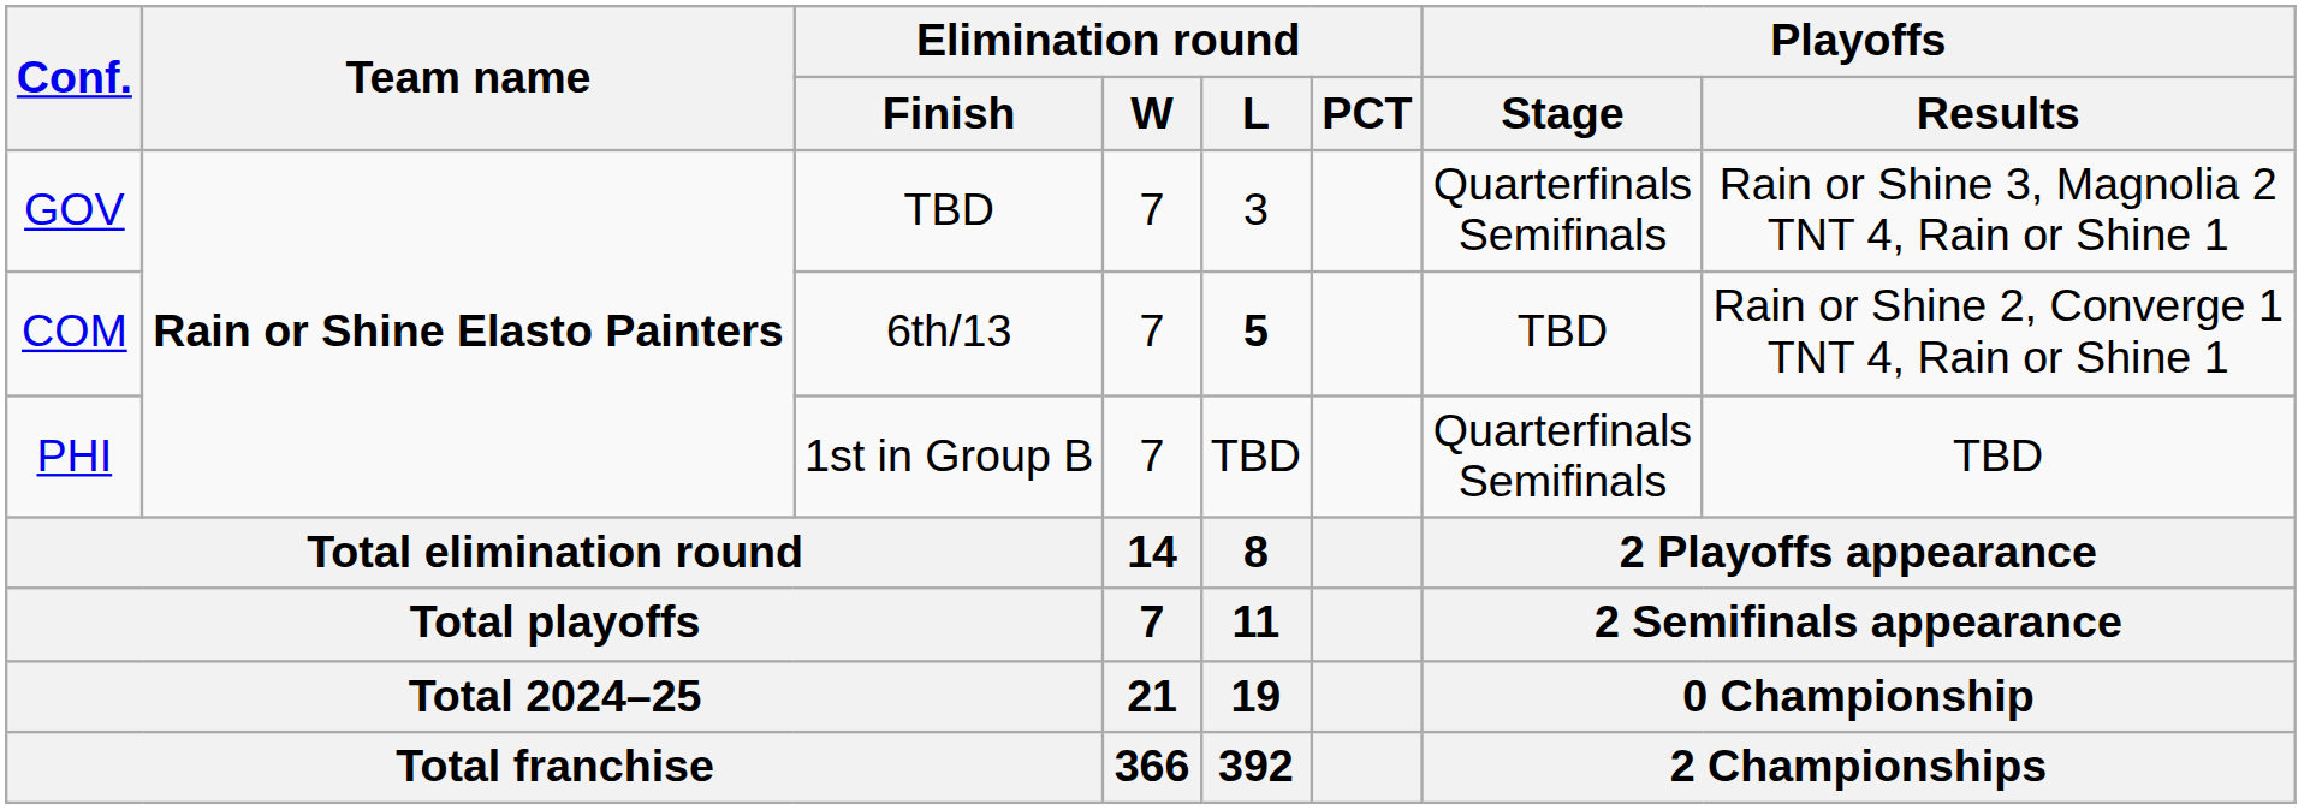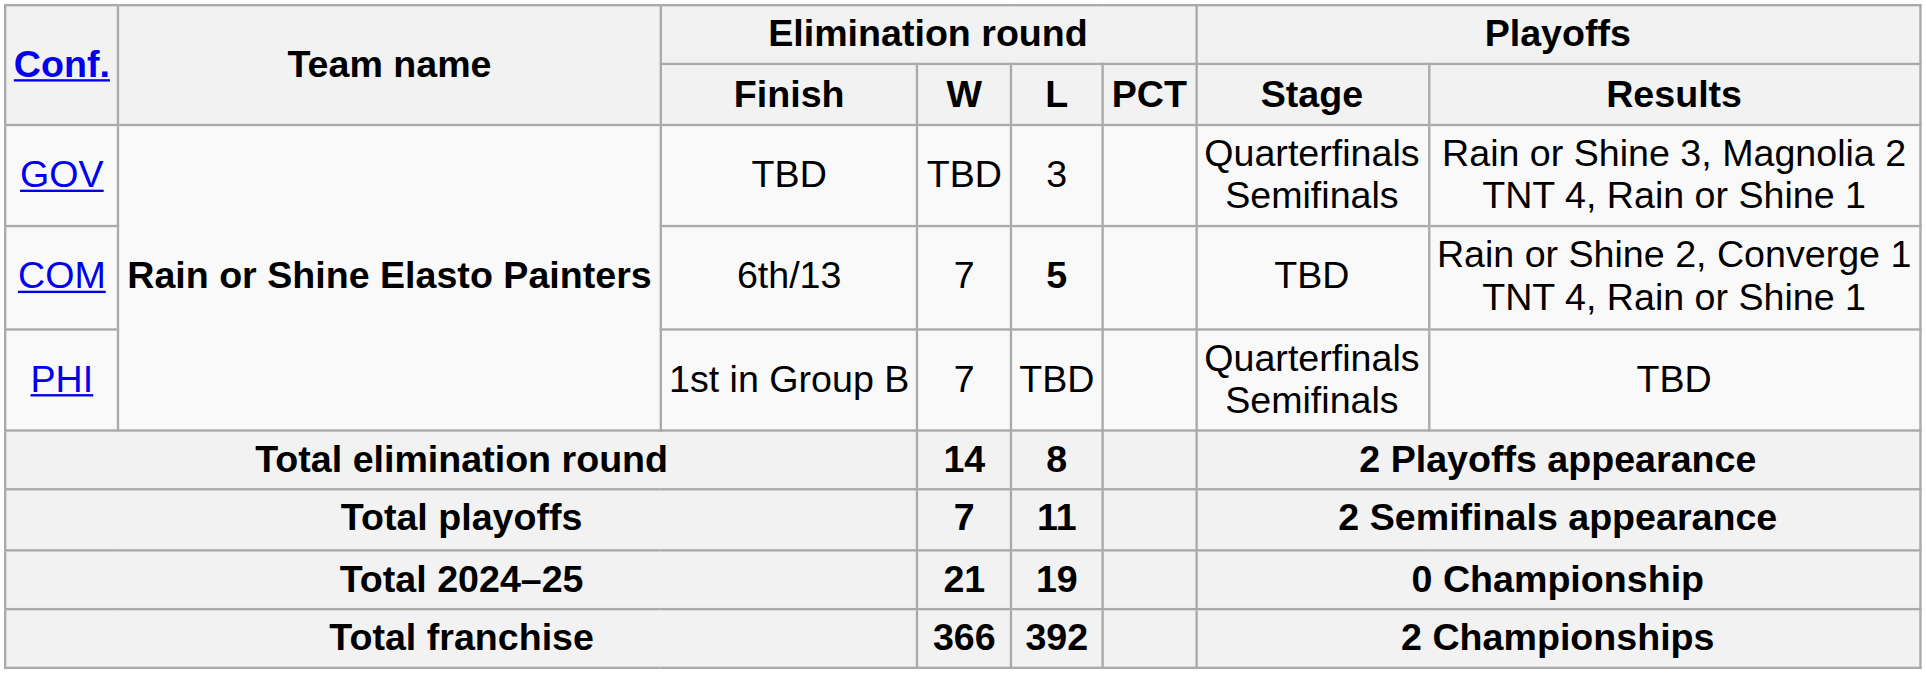 <table class=wikitable style="text-align:center;">
 <tr>
 <th rowspan="2"><a href='#'>Conf.</a></th>
 <th rowspan="2">Team name</th>
 <th colspan=4>Elimination round</th>
 <th colspan=2>Playoffs</th>
 </tr>
 <tr>
 <th>Finish</th>
 <th>W</th>
 <th>L</th>
 <th>PCT</th>
 <th>Stage</th>
 <th>Results</th>
 </tr>
 <tr>
 <td><a href='#'>GOV</a></td>
 <td rowspan=3><strong>Rain or Shine Elasto Painters</strong></td>
 <td>TBD</td>
-<td>7</td>
+<td>TBD</td>
 <td>3</td>
 <td></td>
 <td>Quarterfinals<br>Semifinals</td>
 <td>Rain or Shine 3, Magnolia 2<br>TNT 4, Rain or Shine 1</td>
 </tr>
 <tr>
 <td><a href='#'>COM</a></td>
 <td>6th/13</td>
 <td>7</td>
 <td><strong>5</strong></td>
 <td></td>
 <td>TBD</td>
 <td>Rain or Shine 2, Converge 1<br>TNT 4, Rain or Shine 1</td>
 </tr>
 <tr>
 <td><a href='#'>PHI</a></td>
 <td>1st in Group B</td>
 <td>7</td>
 <td>TBD</td>
 <td></td>
 <td>Quarterfinals<br>Semifinals</td>
 <td>TBD</td>
 </tr>
 <tr>
 <th colspan=3>Total elimination round</th>
 <th>14</th>
 <th>8</th>
 <th></th>
 <th colspan=2>2 Playoffs appearance</th>
 </tr>
 <tr>
 <th colspan=3>Total playoffs</th>
 <th>7</th>
 <th>11</th>
 <th></th>
 <th colspan=2>2 Semifinals appearance</th>
 </tr>
 <tr>
 <th colspan=3>Total 2024–25</th>
 <th>21</th>
 <th>19</th>
 <th></th>
 <th colspan=2>0 Championship</th>
 </tr>
 <tr>
 <th colspan=3>Total franchise</th>
 <th>366</th>
 <th>392</th>
 <th></th>
 <th colspan=2>2 Championships</th>
 </tr>
 </table>
